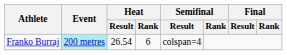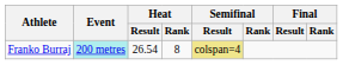 <table class="wikitable" style="font-size:90%">
 <tr>
 <th rowspan="2">Athlete</th>
 <th rowspan="2">Event</th>
 <th colspan="2">Heat</th>
 <th colspan="2">Semifinal</th>
 <th colspan="2">Final</th>
 </tr>
 <tr style="font-size:95%">
 <th>Result</th>
 <th>Rank</th>
 <th>Result</th>
 <th>Rank</th>
 <th>Result</th>
 <th>Rank</th>
 </tr>
 <tr align=center>
 <td align=left><a href='#'>Franko Burraj</a></td>
 <td align=left style="background: paleturquoise;"><a href='#'>200 metres</a></td>
 <td>26.54</td>
-<td>6</td>
-<td>colspan=4 </td>
+<td>8</td>
+<td style="background: khaki;">colspan=4 </td>
 </tr>
 </table>
